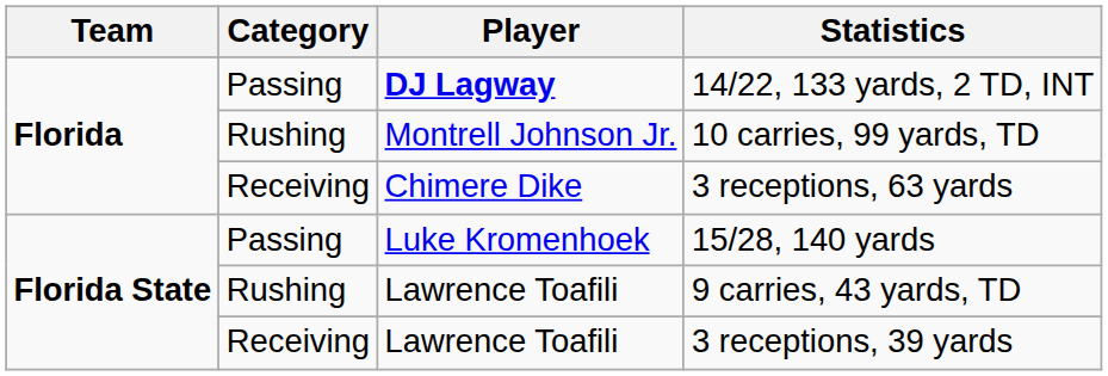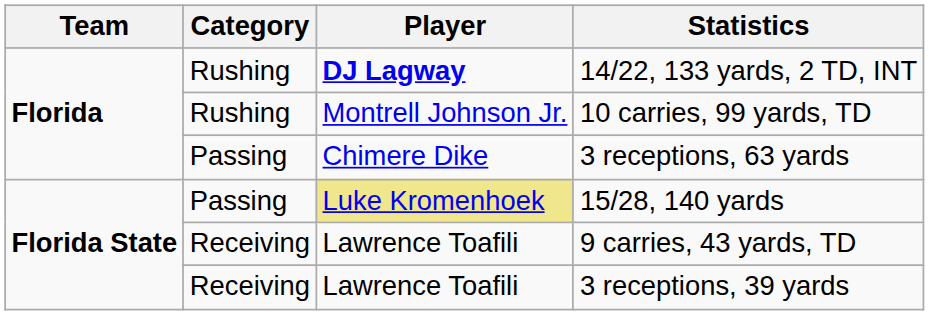 <table class="wikitable" style="float: right;">
 <tr>
 <th>Team</th>
 <th>Category</th>
 <th>Player</th>
 <th>Statistics</th>
 </tr>
 <tr>
 <td rowspan=3><strong>Florida</strong></td>
-<td>Passing</td>
+<td>Rushing</td>
 <td><strong><a href='#'>DJ Lagway</a></strong></td>
 <td>14/22, 133 yards, 2 TD, INT</td>
 </tr>
 <tr>
 <td>Rushing</td>
 <td><a href='#'>Montrell Johnson Jr.</a></td>
 <td>10 carries, 99 yards, TD</td>
 </tr>
 <tr>
-<td>Receiving</td>
+<td>Passing</td>
 <td><a href='#'>Chimere Dike</a></td>
 <td>3 receptions, 63 yards</td>
 </tr>
 <tr>
 <td rowspan=3><strong>Florida State</strong></td>
 <td>Passing</td>
-<td><a href='#'>Luke Kromenhoek</a></td>
+<td style="background: khaki;"><a href='#'>Luke Kromenhoek</a></td>
 <td>15/28, 140 yards</td>
 </tr>
 <tr>
-<td>Rushing</td>
+<td>Receiving</td>
 <td>Lawrence Toafili</td>
 <td>9 carries, 43 yards, TD</td>
 </tr>
 <tr>
 <td>Receiving</td>
 <td>Lawrence Toafili</td>
 <td>3 receptions, 39 yards</td>
 </tr>
 </table>
